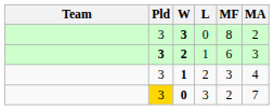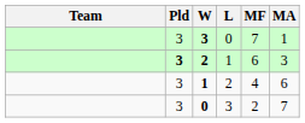 <table class=wikitable style="text-align:center">
 <tr>
 <th width=175>Team</th>
 <th width=20>Pld</th>
 <th width=20>W</th>
 <th width=20>L</th>
 <th width=20>MF</th>
 <th width=20>MA</th>
 </tr>
 <tr bgcolor=ccffcc>
 <td style="text-align:left"></td>
 <td>3</td>
 <td><strong>3</strong></td>
 <td>0</td>
-<td>8</td>
-<td>2</td>
+<td>7</td>
+<td>1</td>
 </tr>
 <tr bgcolor=ccffcc>
 <td style="text-align:left"></td>
 <td><strong>3</strong></td>
 <td><strong>2</strong></td>
 <td>1</td>
 <td>6</td>
 <td>3</td>
 </tr>
 <tr>
 <td style="text-align:left"></td>
 <td>3</td>
 <td><strong>1</strong></td>
 <td>2</td>
-<td>3</td>
 <td>4</td>
+<td>6</td>
 </tr>
 <tr>
 <td style="text-align:left"></td>
-<td style="background: gold;">3</td>
+<td>3</td>
 <td><strong>0</strong></td>
 <td>3</td>
 <td>2</td>
 <td>7</td>
 </tr>
 </table>
